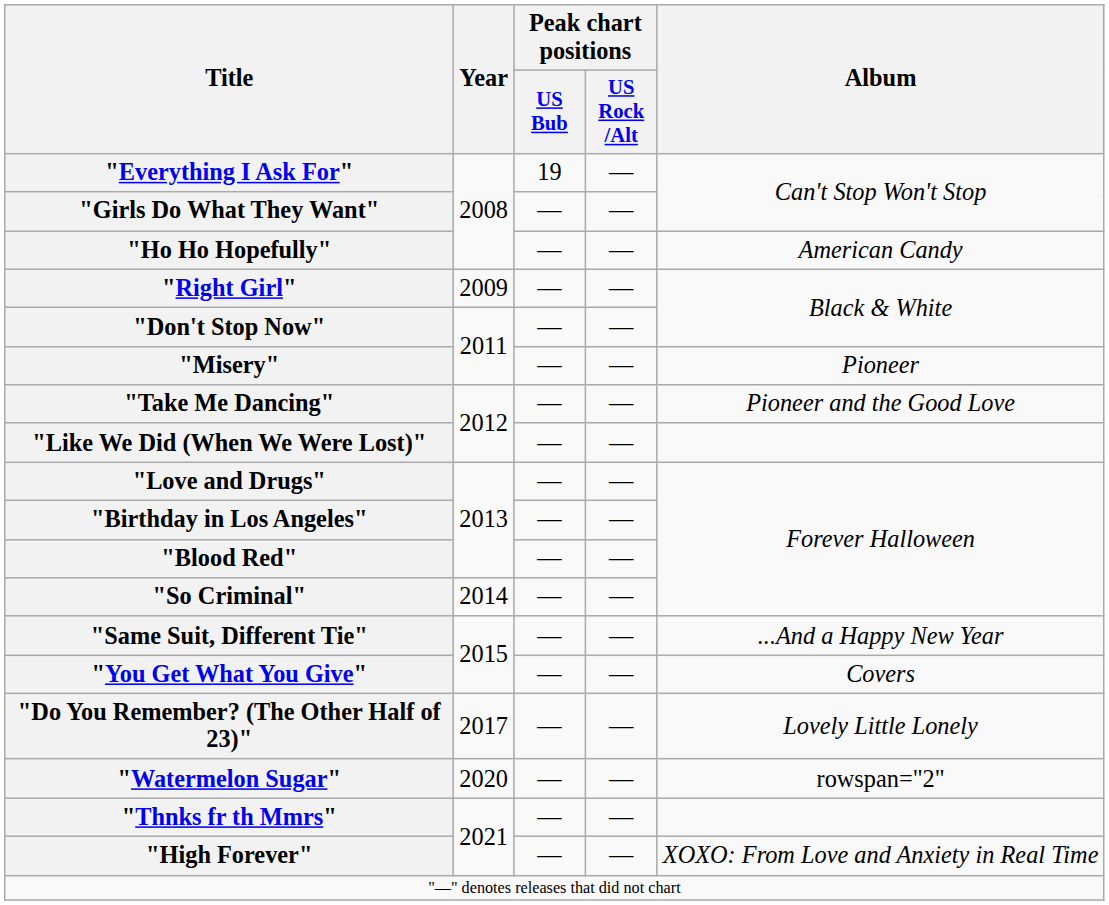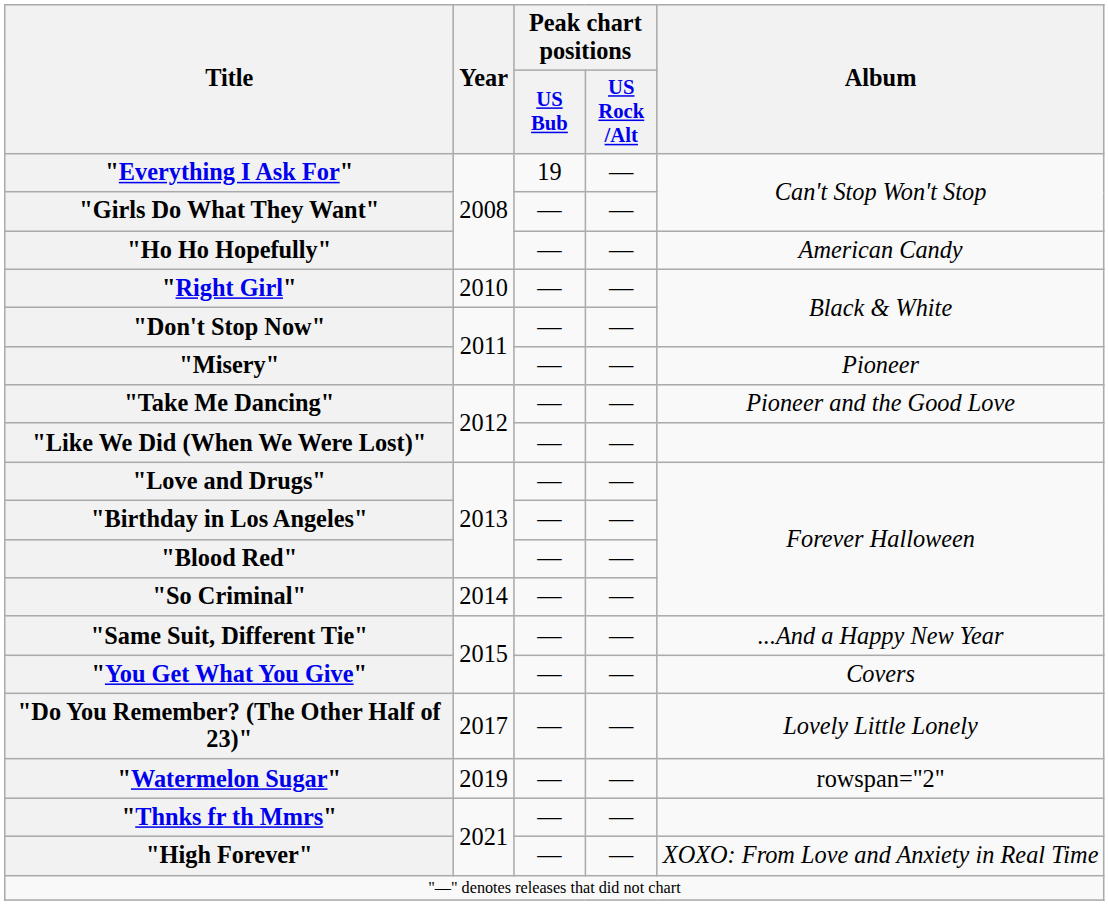 <table class="wikitable plainrowheaders" style="text-align:center;">
 <tr>
 <th scope="col" rowspan="2" style="width:18em;">Title</th>
 <th scope="col" rowspan="2">Year</th>
 <th scope="col" colspan="2">Peak chart positions</th>
 <th scope="col" rowspan="2">Album</th>
 </tr>
 <tr>
 <th scope="col" style="width:3em;font-size:85%;"><a href='#'>US<br>Bub</a><br></th>
 <th scope="col" style="width:3em;font-size:85%;"><a href='#'>US<br>Rock<br>/Alt</a><br></th>
 </tr>
 <tr>
 <th scope="row">"<a href='#'>Everything I Ask For</a>"</th>
 <td rowspan="3">2008</td>
 <td>19</td>
 <td>—</td>
 <td rowspan="2"><em>Can't Stop Won't Stop</em></td>
 </tr>
 <tr>
 <th scope="row">"Girls Do What They Want"</th>
 <td>—</td>
 <td>—</td>
 </tr>
 <tr>
 <th scope="row">"Ho Ho Hopefully"</th>
 <td>—</td>
 <td>—</td>
 <td><em>American Candy</em></td>
 </tr>
 <tr>
 <th scope="row">"<a href='#'>Right Girl</a>"</th>
-<td>2009</td>
+<td>2010</td>
 <td>—</td>
 <td>—</td>
 <td rowspan="2"><em>Black & White</em></td>
 </tr>
 <tr>
 <th scope="row">"Don't Stop Now"</th>
 <td rowspan="2">2011</td>
 <td>—</td>
 <td>—</td>
 </tr>
 <tr>
 <th scope="row">"Misery"</th>
 <td>—</td>
 <td>—</td>
 <td><em>Pioneer</em></td>
 </tr>
 <tr>
 <th scope="row">"Take Me Dancing"</th>
 <td rowspan="2">2012</td>
 <td>—</td>
 <td>—</td>
 <td rowspan="1"><em>Pioneer and the Good Love</em></td>
 </tr>
 <tr>
 <th scope="row">"Like We Did (When We Were Lost)"</th>
 <td>—</td>
 <td>—</td>
 <td></td>
 </tr>
 <tr>
 <th scope="row">"Love and Drugs"</th>
 <td rowspan="3">2013</td>
 <td>—</td>
 <td>—</td>
 <td rowspan="4"><em>Forever Halloween</em></td>
 </tr>
 <tr>
 <th scope="row">"Birthday in Los Angeles"</th>
 <td>—</td>
 <td>—</td>
 </tr>
 <tr>
 <th scope="row">"Blood Red"</th>
 <td>—</td>
 <td>—</td>
 </tr>
 <tr>
 <th scope="row">"So Criminal"</th>
 <td>2014</td>
 <td>—</td>
 <td>—</td>
 </tr>
 <tr>
 <th scope="row">"Same Suit, Different Tie"</th>
 <td rowspan="2">2015</td>
 <td>—</td>
 <td>—</td>
 <td><em>...And a Happy New Year</em></td>
 </tr>
 <tr>
 <th scope="row">"<a href='#'>You Get What You Give</a>"<br></th>
 <td>—</td>
 <td>—</td>
 <td><em>Covers</em></td>
 </tr>
 <tr>
 <th scope="row">"Do You Remember? (The Other Half of 23)"</th>
 <td>2017</td>
 <td>—</td>
 <td>—</td>
 <td><em>Lovely Little Lonely</em></td>
 </tr>
 <tr>
 <th scope="row">"<a href='#'>Watermelon Sugar</a>"</th>
-<td>2020</td>
+<td>2019</td>
 <td>—</td>
 <td>—</td>
 <td>rowspan="2" </td>
 </tr>
 <tr>
 <th scope="row">"<a href='#'>Thnks fr th Mmrs</a>"</th>
 <td rowspan="2">2021</td>
 <td>—</td>
 <td>—</td>
 </tr>
 <tr>
 <th scope="row">"High Forever"</th>
 <td>—</td>
 <td>—</td>
 <td><em>XOXO: From Love and Anxiety in Real Time</em></td>
 </tr>
 <tr>
 <td colspan="12" style="font-size:8pt">"—" denotes releases that did not chart</td>
 </tr>
 </table>
